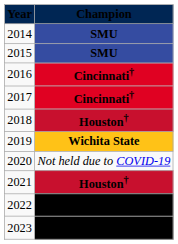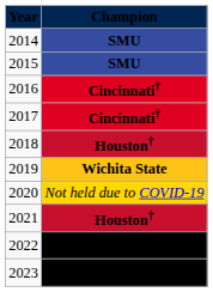 <table class="wikitable" style="text-align: center;">
 <tr>
 <th style="background:#002654;"><span>Year</span></th>
 <th style="background:#002654;"><span>Champion</span></th>
 </tr>
 <tr>
 <td>2014</td>
 <td style="background:#354ca1;"><span><strong>SMU</strong></span></td>
 </tr>
 <tr>
 <td>2015</td>
 <td style="background:#354ca1;"><span><strong>SMU</strong></span></td>
 </tr>
 <tr>
 <td>2016</td>
 <td style="background:#e00122;"><span><strong>Cincinnati<sup>†</sup></strong></span></td>
 </tr>
 <tr>
 <td>2017</td>
 <td style="background:#e00122;"><span><strong>Cincinnati<sup>†</sup></strong></span></td>
 </tr>
 <tr>
 <td>2018</td>
 <td style="background:#c8102e;"><span><strong>Houston<sup>†</sup></strong></span></td>
 </tr>
 <tr>
 <td>2019</td>
 <td style="background:#ffc217;"><span><strong>Wichita State</strong></span></td>
 </tr>
 <tr>
 <td>2020</td>
-<td><em>Not held due to <a href='#'>COVID-19</a></em></td>
+<td style="background: gold;"><em>Not held due to <a href='#'>COVID-19</a></em></td>
 </tr>
 <tr>
 <td>2021</td>
 <td style="background:#c8102e;"><span><strong>Houston<sup>†</sup></strong></span></td>
 </tr>
 <tr>
 <td>2022</td>
 <td style="background:#000000;"><span><strong>UCF<sup>†</sup></strong></span></td>
 </tr>
 <tr>
 <td>2023</td>
 <td style="background:#000000;"><span><strong>UCF<sup>†</sup></strong></span></td>
 </tr>
 </table>
